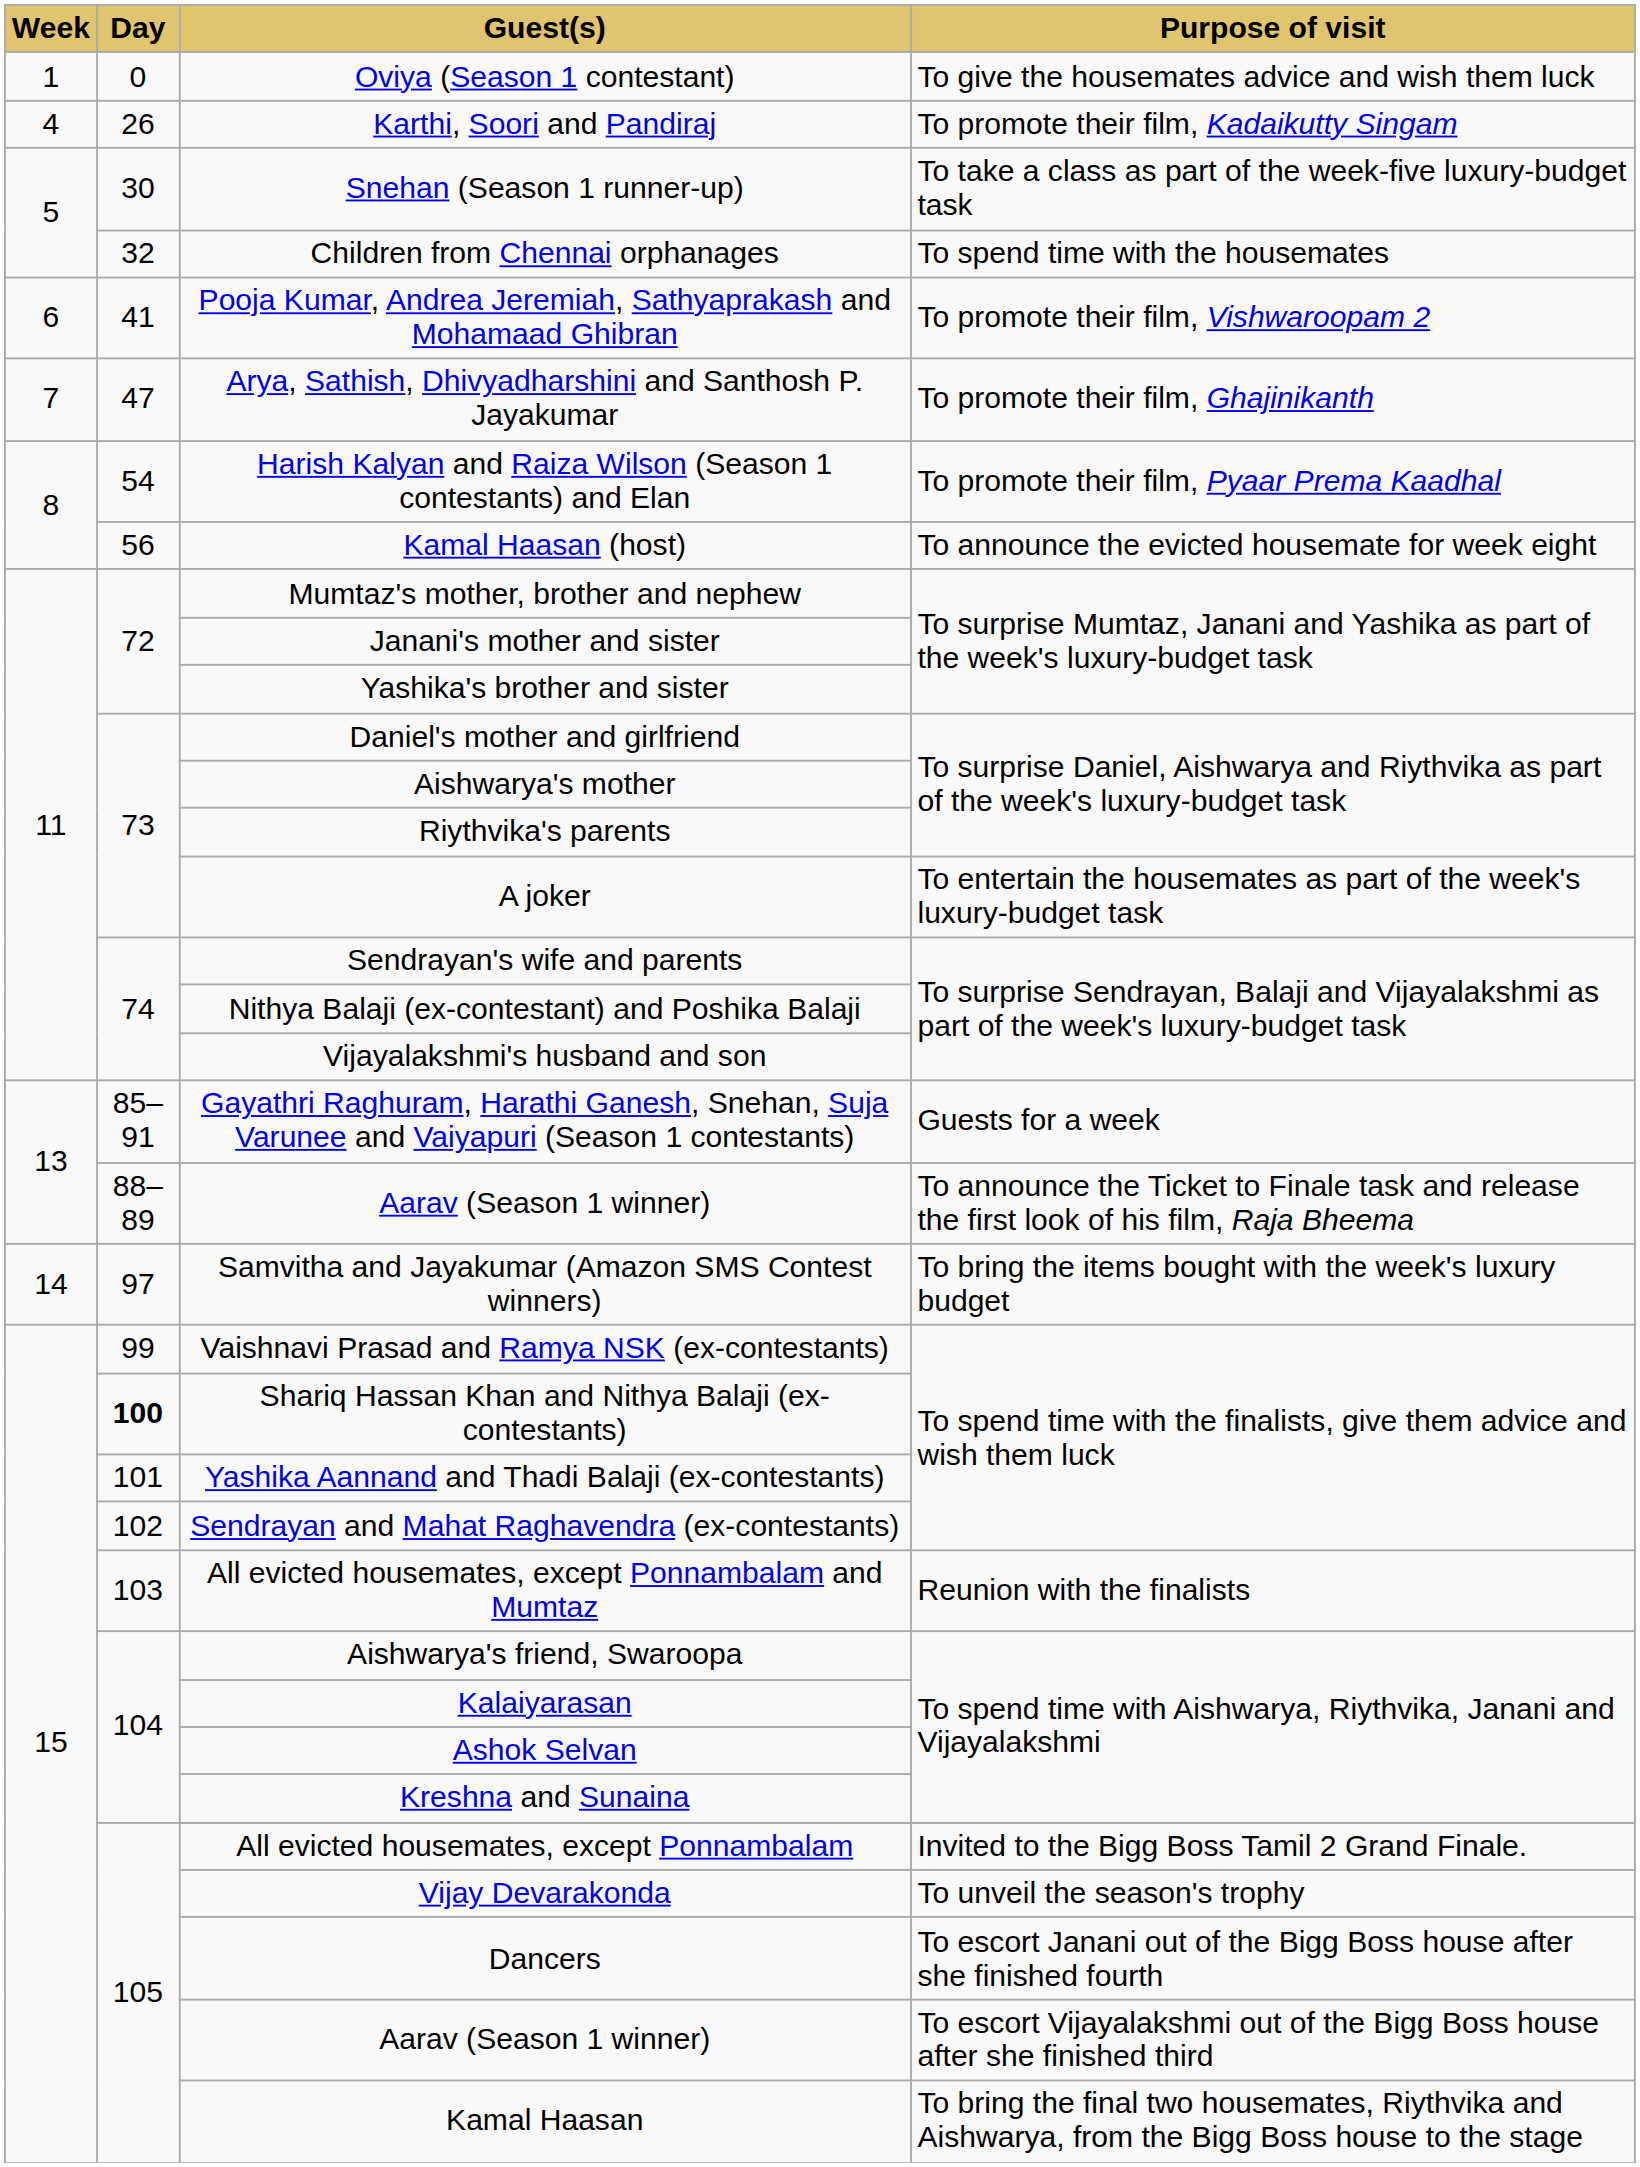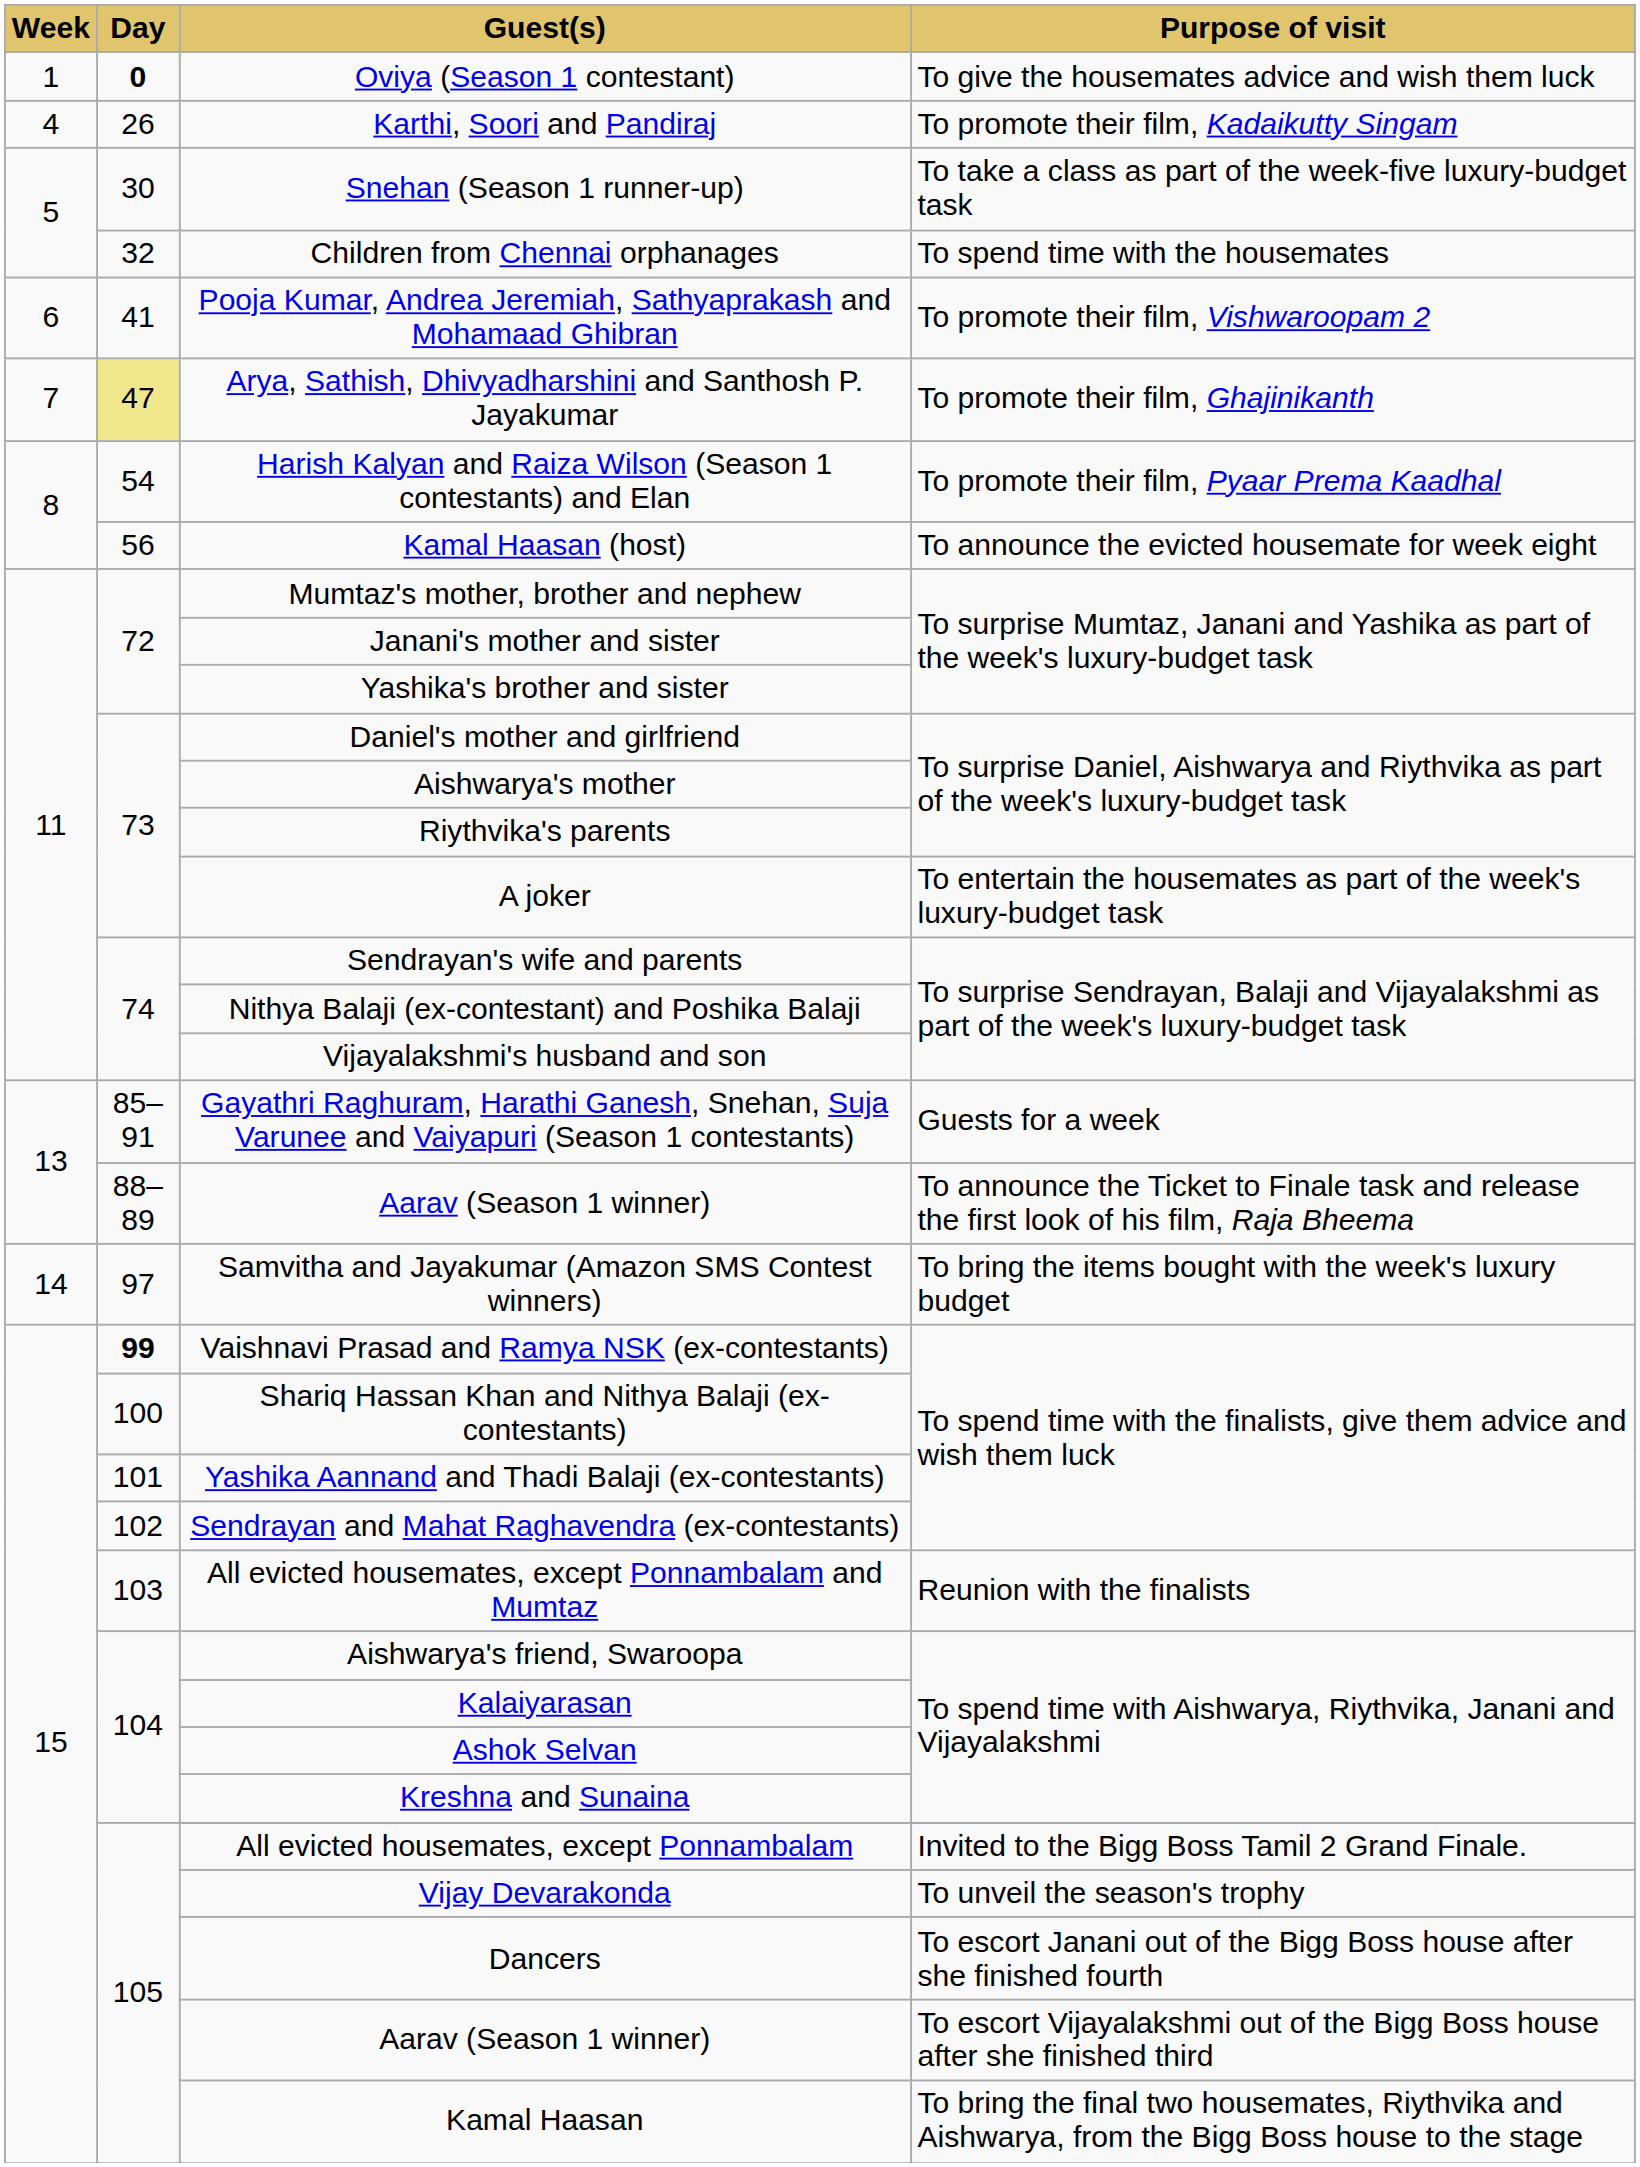 <table class="wikitable">
 <tr>
 <th style="background:#e0c56e; color:black;">Week</th>
 <th style="background:#e0c56e; color:black;">Day</th>
 <th style="background:#e0c56e; color:black;">Guest(s)</th>
 <th style="background:#e0c56e; color:black;">Purpose of visit</th>
 </tr>
 <tr>
 <td align=center>1</td>
-<td align=center>0</td>
+<td align=center><strong>0</strong></td>
 <td align=center><a href='#'>Oviya</a> (<a href='#'>Season 1</a> contestant)</td>
 <td>To give the housemates advice and wish them luck</td>
 </tr>
 <tr>
 <td style="text-align:center;">4</td>
 <td align=center>26</td>
 <td align=center><a href='#'>Karthi</a>, <a href='#'>Soori</a> and <a href='#'>Pandiraj</a></td>
 <td>To promote their film, <em><a href='#'>Kadaikutty Singam</a></em></td>
 </tr>
 <tr>
 <td style="text-align:center;" rowspan="2">5</td>
 <td align=center>30</td>
 <td align=center><a href='#'>Snehan</a> (Season 1 runner-up)</td>
 <td>To take a class as part of the week-five luxury-budget task</td>
 </tr>
 <tr>
 <td align=center>32</td>
 <td align=center>Children from <a href='#'>Chennai</a> orphanages</td>
 <td>To spend time with the housemates</td>
 </tr>
 <tr>
 <td align=center>6</td>
 <td align=center>41</td>
 <td align=center><a href='#'>Pooja Kumar</a>, <a href='#'>Andrea Jeremiah</a>, <a href='#'>Sathyaprakash</a> and <a href='#'>Mohamaad Ghibran</a></td>
 <td>To promote their film, <em><a href='#'>Vishwaroopam 2</a></em></td>
 </tr>
 <tr>
 <td align=center>7</td>
-<td align=center>47</td>
+<td align=center style="background: khaki;">47</td>
 <td align=center><a href='#'>Arya</a>, <a href='#'>Sathish</a>, <a href='#'>Dhivyadharshini</a> and Santhosh P. Jayakumar</td>
 <td>To promote their film, <em><a href='#'>Ghajinikanth</a></em></td>
 </tr>
 <tr>
 <td style="text-align:center;" rowspan="2">8</td>
 <td align=center>54</td>
 <td align=center><a href='#'>Harish Kalyan</a> and <a href='#'>Raiza Wilson</a> (Season 1 contestants) and Elan</td>
 <td>To promote their film, <em><a href='#'>Pyaar Prema Kaadhal</a></em></td>
 </tr>
 <tr>
 <td align=center>56</td>
 <td align=center><a href='#'>Kamal Haasan</a> (host)</td>
 <td>To announce the evicted housemate for week eight</td>
 </tr>
 <tr>
 <td style="text-align:center;" rowspan="10">11</td>
 <td style="text-align:center;" rowspan="3">72</td>
 <td align=center>Mumtaz's mother, brother and nephew</td>
 <td rowspan=3>To surprise Mumtaz, Janani and Yashika as part of the week's luxury-budget task</td>
 </tr>
 <tr>
 <td align=center>Janani's mother and sister</td>
 </tr>
 <tr>
 <td align=center>Yashika's brother and sister</td>
 </tr>
 <tr>
 <td style="text-align:center;" rowspan="4">73</td>
 <td align=center>Daniel's mother and girlfriend</td>
 <td rowspan=3>To surprise Daniel, Aishwarya and Riythvika as part of the week's luxury-budget task</td>
 </tr>
 <tr>
 <td align=center>Aishwarya's mother</td>
 </tr>
 <tr>
 <td align=center>Riythvika's parents</td>
 </tr>
 <tr>
 <td align=center>A joker</td>
 <td>To entertain the housemates as part of the week's luxury-budget task</td>
 </tr>
 <tr>
 <td style="text-align:center;" rowspan="3">74</td>
 <td align=center>Sendrayan's wife and parents</td>
 <td rowspan=3>To surprise Sendrayan, Balaji and Vijayalakshmi as part of the week's luxury-budget task</td>
 </tr>
 <tr>
 <td align=center>Nithya Balaji (ex-contestant) and Poshika Balaji</td>
 </tr>
 <tr>
 <td align=center>Vijayalakshmi's husband and son</td>
 </tr>
 <tr>
 <td style="text-align:center;" rowspan="2">13</td>
 <td align=center>85–91</td>
 <td align=center><a href='#'>Gayathri Raghuram</a>, <a href='#'>Harathi Ganesh</a>, Snehan, <a href='#'>Suja Varunee</a> and <a href='#'>Vaiyapuri</a> (Season 1 contestants)</td>
 <td>Guests for a week</td>
 </tr>
 <tr>
 <td align=center>88–89</td>
 <td align=center><a href='#'>Aarav</a> (Season 1 winner)</td>
 <td>To announce the Ticket to Finale task and release the first look of his film, <em>Raja Bheema</em></td>
 </tr>
 <tr>
 <td align=center>14</td>
 <td align=center>97</td>
 <td align=center>Samvitha and Jayakumar (Amazon SMS Contest winners)</td>
 <td>To bring the items bought with the week's luxury budget</td>
 </tr>
 <tr>
 <td style="text-align:center;" rowspan="15">15</td>
-<td align=center>99</td>
+<td align=center><strong>99</strong></td>
 <td align=center>Vaishnavi Prasad and <a href='#'>Ramya NSK</a> (ex-contestants)</td>
 <td rowspan="4">To spend time with the finalists, give them advice and wish them luck</td>
 </tr>
 <tr>
-<td align=center><strong>100</strong></td>
+<td align=center>100</td>
 <td align=center>Shariq Hassan Khan and Nithya Balaji (ex-contestants)</td>
 </tr>
 <tr>
 <td align=center>101</td>
 <td align=center><a href='#'>Yashika Aannand</a> and Thadi Balaji (ex-contestants)</td>
 </tr>
 <tr>
 <td align=center>102</td>
 <td align=center><a href='#'>Sendrayan</a> and <a href='#'>Mahat Raghavendra</a> (ex-contestants)</td>
 </tr>
 <tr>
 <td align=center>103</td>
 <td align=center>All evicted housemates, except <a href='#'>Ponnambalam</a> and <a href='#'>Mumtaz</a></td>
 <td>Reunion with the finalists</td>
 </tr>
 <tr>
 <td style="text-align:center;" rowspan="4">104</td>
 <td align=center>Aishwarya's friend, Swaroopa</td>
 <td rowspan=4>To spend time with Aishwarya, Riythvika, Janani and Vijayalakshmi</td>
 </tr>
 <tr>
 <td align=center><a href='#'>Kalaiyarasan</a></td>
 </tr>
 <tr>
 <td align=center><a href='#'>Ashok Selvan</a></td>
 </tr>
 <tr>
 <td align=center><a href='#'>Kreshna</a> and <a href='#'>Sunaina</a></td>
 </tr>
 <tr>
 <td style="text-align:center;" rowspan="6">105</td>
 </tr>
 <tr>
 <td align=center>All evicted housemates, except <a href='#'>Ponnambalam</a></td>
 <td>Invited to the Bigg Boss Tamil 2 Grand Finale.</td>
 </tr>
 <tr>
 <td align=center><a href='#'>Vijay Devarakonda</a></td>
 <td>To unveil the season's trophy</td>
 </tr>
 <tr>
 <td align=center>Dancers</td>
 <td>To escort Janani out of the Bigg Boss house after she finished fourth</td>
 </tr>
 <tr>
 <td align=center>Aarav (Season 1 winner)</td>
 <td>To escort Vijayalakshmi out of the Bigg Boss house after she finished third</td>
 </tr>
 <tr>
 <td align=center>Kamal Haasan</td>
 <td>To bring the final two housemates, Riythvika and Aishwarya, from the Bigg Boss house to the stage</td>
 </tr>
 </table>
